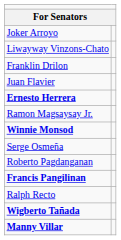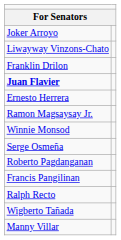 <table class=wikitable style="font-size:90%">
 <tr>
 <td colspan=4 bgcolor=></td>
 </tr>
 <tr>
 <th colspan=5>For Senators</th>
 </tr>
 <tr>
 <td><a href='#'>Joker Arroyo</a></td>
 <td></td>
 </tr>
 <tr>
 <td><a href='#'>Liwayway Vinzons-Chato</a></td>
 <td></td>
 </tr>
 <tr>
 <td><a href='#'>Franklin Drilon</a></td>
 <td></td>
 </tr>
 <tr>
-<td><a href='#'>Juan Flavier</a></td>
+<td><strong><a href='#'>Juan Flavier</a></strong></td>
 <td></td>
 </tr>
 <tr>
-<td><strong><a href='#'>Ernesto Herrera</a></strong></td>
+<td><a href='#'>Ernesto Herrera</a></td>
 <td></td>
 </tr>
 <tr>
 <td><a href='#'>Ramon Magsaysay Jr.</a></td>
 <td></td>
 </tr>
 <tr>
-<td><strong><a href='#'>Winnie Monsod</a></strong></td>
+<td><a href='#'>Winnie Monsod</a></td>
 <td></td>
 </tr>
 <tr>
 <td><a href='#'>Serge Osmeña</a></td>
 <td></td>
 </tr>
 <tr>
 <td><a href='#'>Roberto Pagdanganan</a></td>
 <td></td>
 </tr>
 <tr>
-<td><strong><a href='#'>Francis Pangilinan</a></strong></td>
+<td><a href='#'>Francis Pangilinan</a></td>
 <td></td>
 </tr>
 <tr>
 <td><a href='#'>Ralph Recto</a></td>
 <td></td>
 </tr>
 <tr>
-<td><strong><a href='#'>Wigberto Tañada</a></strong></td>
+<td><a href='#'>Wigberto Tañada</a></td>
 <td></td>
 </tr>
 <tr>
-<td><strong><a href='#'>Manny Villar</a></strong></td>
+<td><a href='#'>Manny Villar</a></td>
 <td></td>
 </tr>
 </table>
